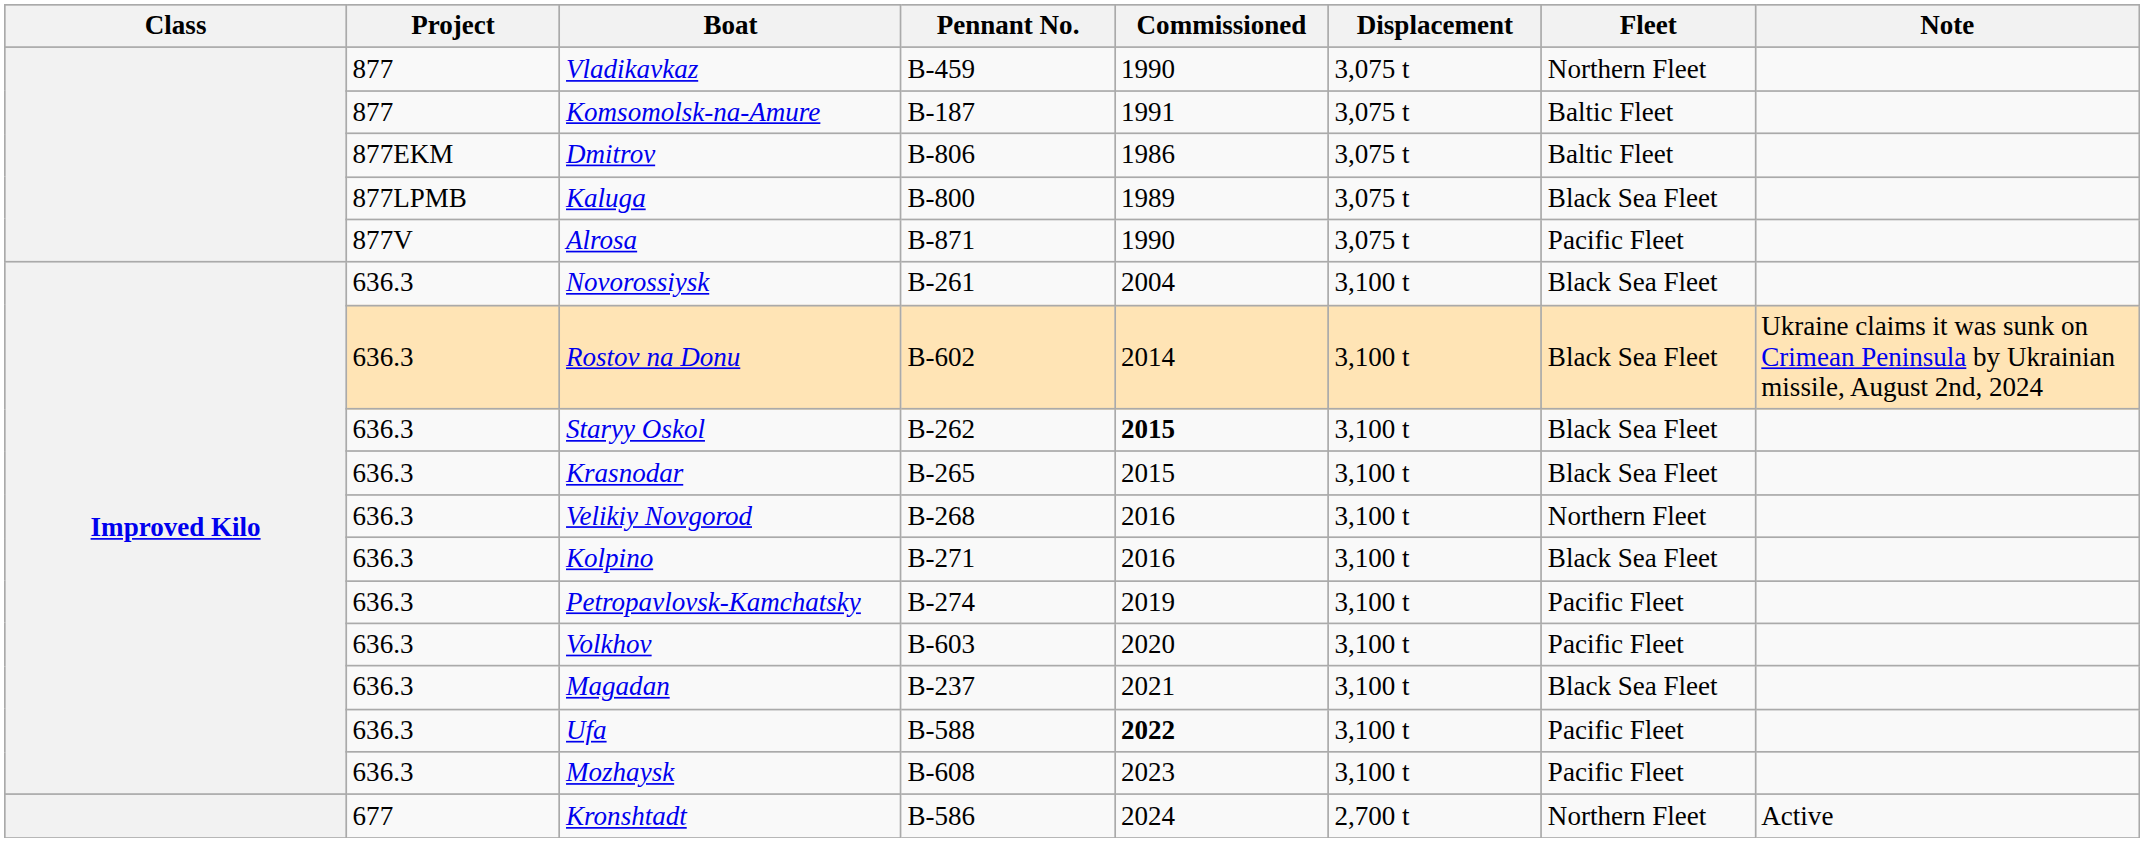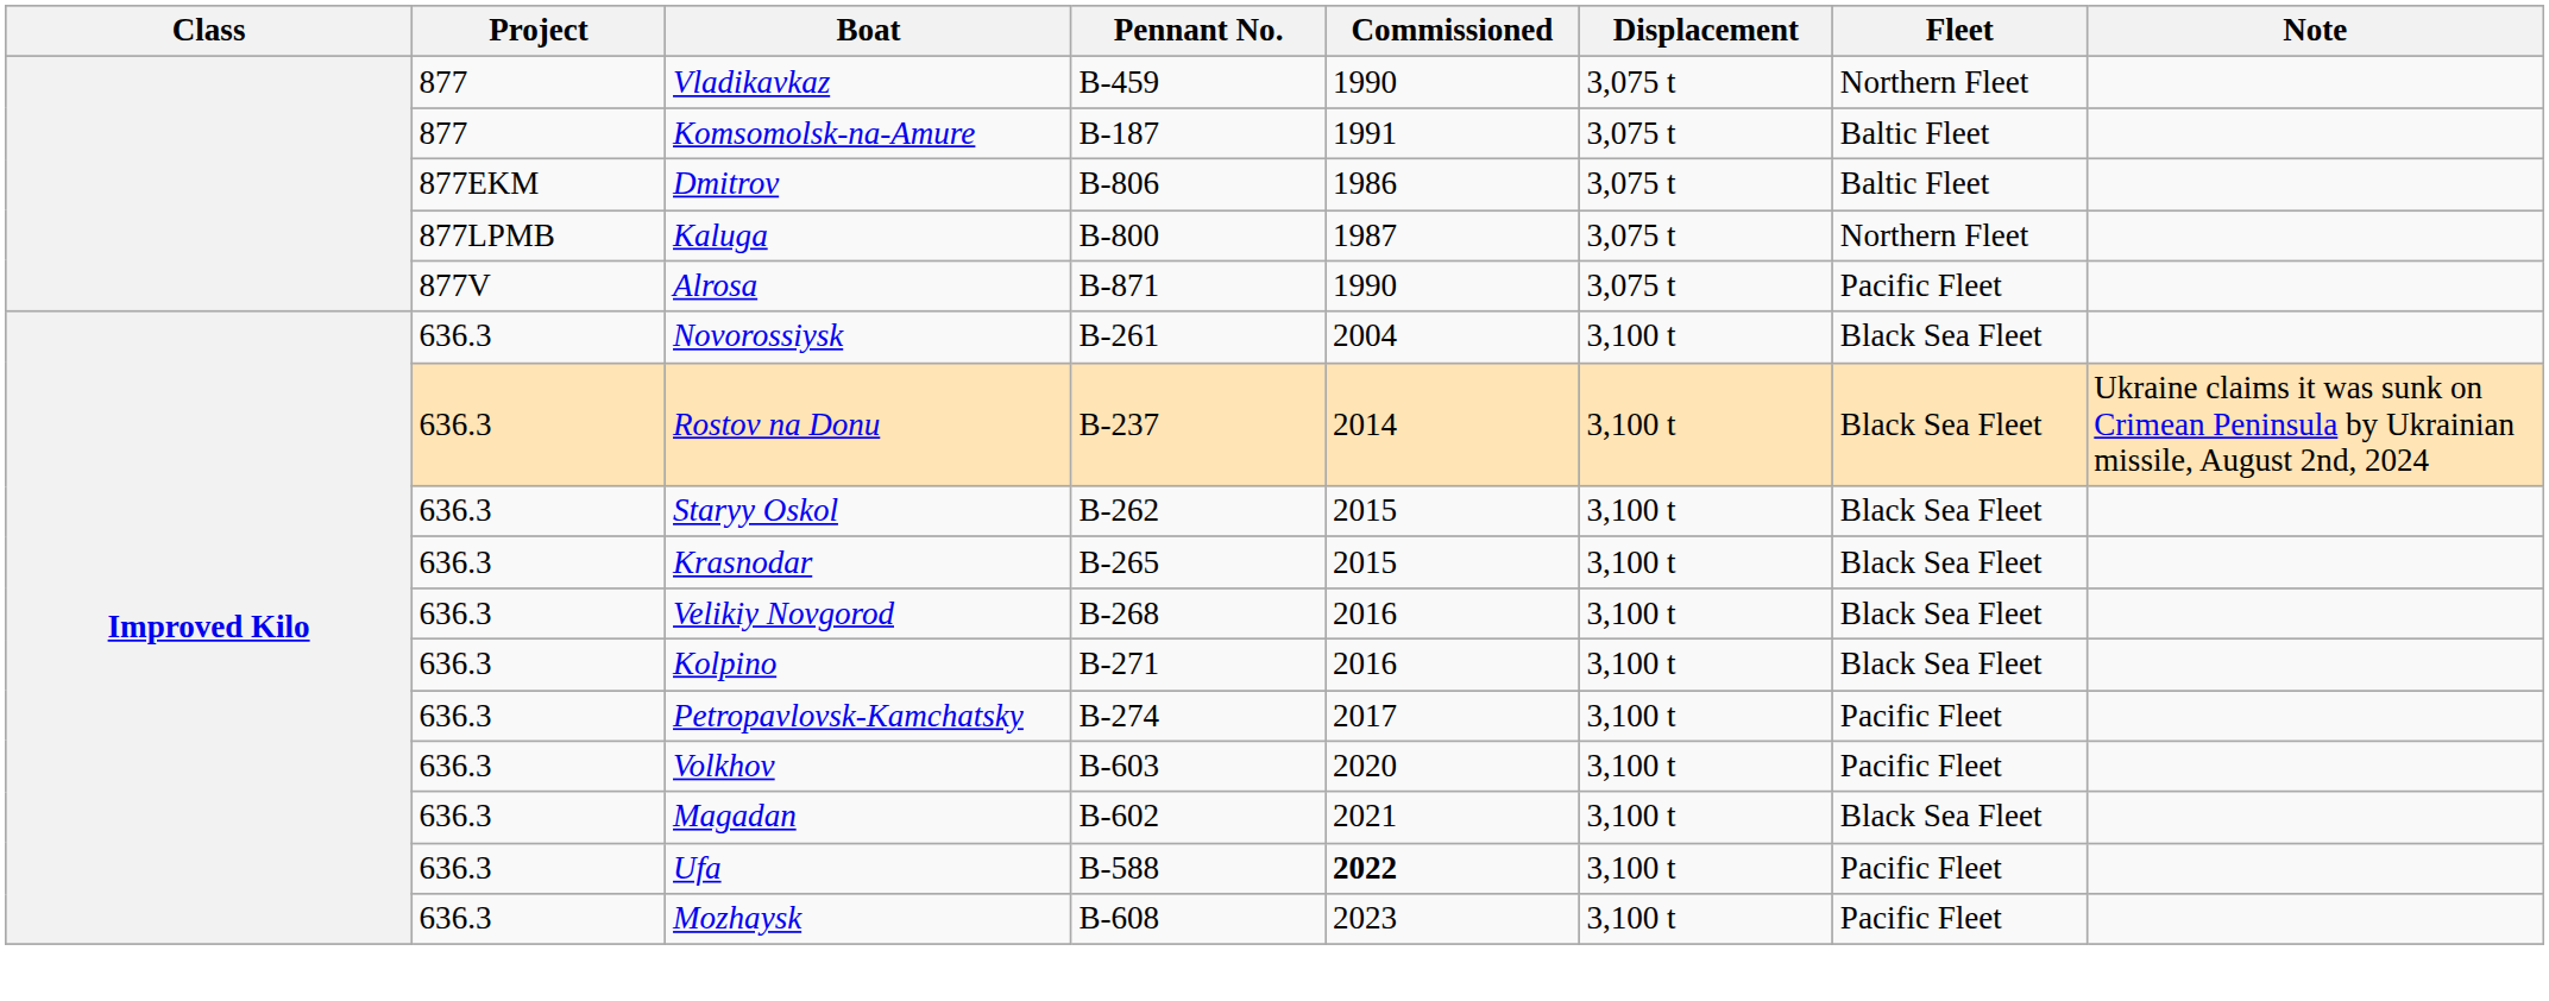 <table class="wikitable sortable" style="margin:auto; width:100%;">
 <tr>
 <th style="text-align:center; width:16%;">Class</th>
 <th style="text-align:center; width:10%;">Project</th>
 <th style="text-align:center; width:16%;">Boat</th>
 <th style="text-align:center; width:10%;">Pennant No.</th>
 <th style="text-align:center; width:10%;">Commissioned</th>
 <th style="text-align:center; width:10%;">Displacement</th>
 <th style="text-align:center; width:10%;">Fleet</th>
 <th style="text-align:center; width:18%;">Note</th>
 </tr>
 <tr>
 <th rowspan="5"></th>
 <td>877</td>
 <td><a href='#'><em>Vladikavkaz</em></a></td>
 <td>B-459</td>
 <td>1990</td>
 <td>3,075 t</td>
 <td>Northern Fleet</td>
 <td></td>
 </tr>
 <tr>
 <td>877</td>
 <td><a href='#'><em>Komsomolsk-na-Amure</em></a></td>
 <td>B-187</td>
 <td>1991</td>
 <td>3,075 t</td>
 <td>Baltic Fleet</td>
 <td></td>
 </tr>
 <tr>
 <td>877EKM</td>
 <td><a href='#'><em>Dmitrov</em></a></td>
 <td>B-806</td>
 <td>1986</td>
 <td>3,075 t</td>
 <td>Baltic Fleet</td>
 <td></td>
 </tr>
 <tr>
 <td>877LPMB</td>
 <td><a href='#'><em>Kaluga</em></a></td>
 <td>B-800</td>
-<td>1989</td>
+<td>1987</td>
 <td>3,075 t</td>
-<td>Black Sea Fleet</td>
+<td>Northern Fleet</td>
 <td></td>
 </tr>
 <tr>
 <td>877V</td>
 <td><a href='#'><em>Alrosa</em></a></td>
 <td>B-871</td>
 <td>1990</td>
 <td>3,075 t</td>
 <td>Pacific Fleet</td>
 <td></td>
 </tr>
 <tr>
 <th rowspan="11"><a href='#'>Improved Kilo</a></th>
 <td>636.3</td>
 <td><a href='#'><em>Novorossiysk</em></a></td>
 <td>B-261</td>
 <td>2004</td>
 <td>3,100 t</td>
 <td>Black Sea Fleet</td>
 <td></td>
 </tr>
 <tr style="background: #FFE4B5">
 <td>636.3</td>
 <td><a href='#'><em>Rostov na Donu</em></a></td>
-<td>B-602</td>
+<td>B-237</td>
 <td>2014</td>
 <td>3,100 t</td>
 <td>Black Sea Fleet</td>
 <td>Ukraine claims it was sunk on <a href='#'>Crimean Peninsula</a> by Ukrainian missile, August 2nd, 2024</td>
 </tr>
 <tr>
 <td>636.3</td>
 <td><a href='#'><em>Staryy Oskol</em></a></td>
 <td>B-262</td>
-<td><strong>2015</strong></td>
+<td>2015</td>
 <td>3,100 t</td>
 <td>Black Sea Fleet</td>
 <td></td>
 </tr>
 <tr>
 <td>636.3</td>
 <td><a href='#'><em>Krasnodar</em></a></td>
 <td>B-265</td>
 <td>2015</td>
 <td>3,100 t</td>
 <td>Black Sea Fleet</td>
 <td></td>
 </tr>
 <tr>
 <td>636.3</td>
 <td><a href='#'><em>Velikiy Novgorod</em></a></td>
 <td>B-268</td>
 <td>2016</td>
 <td>3,100 t</td>
-<td>Northern Fleet</td>
+<td>Black Sea Fleet</td>
 <td></td>
 </tr>
 <tr>
 <td>636.3</td>
 <td><a href='#'><em>Kolpino</em></a></td>
 <td>B-271</td>
 <td>2016</td>
 <td>3,100 t</td>
 <td>Black Sea Fleet</td>
 <td></td>
 </tr>
 <tr>
 <td>636.3</td>
 <td><a href='#'><em>Petropavlovsk-Kamchatsky</em></a></td>
 <td>B-274</td>
-<td>2019</td>
+<td>2017</td>
 <td>3,100 t</td>
 <td>Pacific Fleet</td>
 <td></td>
 </tr>
 <tr>
 <td>636.3</td>
 <td><a href='#'><em>Volkhov</em></a></td>
 <td>B-603</td>
 <td>2020</td>
 <td>3,100 t</td>
 <td>Pacific Fleet</td>
 <td></td>
 </tr>
 <tr>
 <td>636.3</td>
 <td><a href='#'><em>Magadan</em></a></td>
-<td>B-237</td>
+<td>B-602</td>
 <td>2021</td>
 <td>3,100 t</td>
 <td>Black Sea Fleet</td>
 <td></td>
 </tr>
 <tr>
 <td>636.3</td>
 <td><a href='#'><em>Ufa</em></a></td>
 <td>B-588</td>
 <td><strong>2022</strong></td>
 <td>3,100 t</td>
 <td>Pacific Fleet</td>
 <td></td>
 </tr>
 <tr>
 <td>636.3</td>
 <td><a href='#'><em>Mozhaysk</em></a></td>
 <td>B-608</td>
 <td>2023</td>
 <td>3,100 t</td>
 <td>Pacific Fleet</td>
 <td></td>
 </tr>
-<tr>
-<th rowspan="1"></th>
-<td>677</td>
-<td><a href='#'><em>Kronshtadt</em></a></td>
-<td>B-586</td>
-<td>2024</td>
-<td>2,700 t</td>
-<td>Northern Fleet</td>
-<td>Active</td>
-</tr>
 </table>
